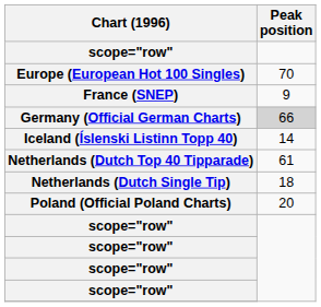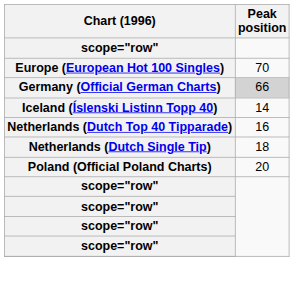 <table class="wikitable plainrowheaders sortable" style="text-align:center;">
 <tr>
 <th scope="col">Chart (1996)</th>
 <th scope="col">Peak<br>position</th>
 </tr>
 <tr>
 <th>scope="row" </th>
 </tr>
 <tr>
 <th scope="row">Europe (<a href='#'>European Hot 100 Singles</a>)</th>
 <td>70</td>
 </tr>
 <tr>
-<th scope="row">France (<a href='#'>SNEP</a>)</th>
-<td>9</td>
-</tr>
-<tr>
 <th scope="row">Germany (<a href='#'>Official German Charts</a>)</th>
 <td style="background: lightgrey;">66</td>
 </tr>
 <tr>
 <th scope="row">Iceland (<a href='#'>Íslenski Listinn Topp 40</a>)</th>
 <td>14</td>
 </tr>
 <tr>
 <th scope="row">Netherlands (<a href='#'>Dutch Top 40 Tipparade</a>)</th>
-<td>61</td>
+<td>16</td>
 </tr>
 <tr>
 <th scope="row">Netherlands (<a href='#'>Dutch Single Tip</a>)</th>
 <td>18</td>
 </tr>
 <tr>
 <th scope="row">Poland (Official Poland Charts)</th>
 <td>20</td>
 </tr>
 <tr>
 <th>scope="row" </th>
 </tr>
 <tr>
 <th>scope="row" </th>
 </tr>
 <tr>
 <th>scope="row" </th>
 </tr>
 <tr>
 <th>scope="row" </th>
 </tr>
 <tr>
 </tr>
 </table>
